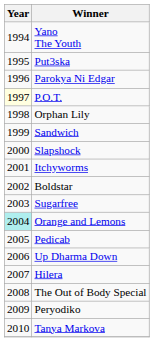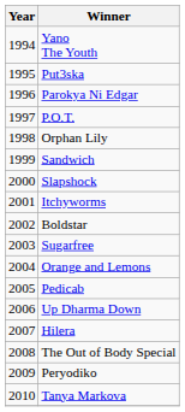 <table class="wikitable">
 <tr>
 <th>Year</th>
 <th>Winner</th>
 </tr>
 <tr>
 <td>1994</td>
 <td><a href='#'>Yano</a><br><a href='#'>The Youth</a></td>
 </tr>
 <tr>
 <td>1995</td>
 <td><a href='#'>Put3ska</a></td>
 </tr>
 <tr>
 <td>1996</td>
 <td><a href='#'>Parokya Ni Edgar</a></td>
 </tr>
 <tr>
-<td style="background: lightyellow;">1997</td>
+<td>1997</td>
 <td><a href='#'>P.O.T.</a></td>
 </tr>
 <tr>
 <td>1998</td>
 <td>Orphan Lily</td>
 </tr>
 <tr>
 <td>1999</td>
 <td><a href='#'>Sandwich</a></td>
 </tr>
 <tr>
 <td>2000</td>
 <td><a href='#'>Slapshock</a></td>
 </tr>
 <tr>
 <td>2001</td>
 <td><a href='#'>Itchyworms</a></td>
 </tr>
 <tr>
 <td>2002</td>
 <td>Boldstar</td>
 </tr>
 <tr>
 <td>2003</td>
 <td><a href='#'>Sugarfree</a></td>
 </tr>
 <tr>
-<td style="background: paleturquoise;">2004</td>
+<td>2004</td>
 <td><a href='#'>Orange and Lemons</a></td>
 </tr>
 <tr>
 <td>2005</td>
 <td><a href='#'>Pedicab</a></td>
 </tr>
 <tr>
 <td>2006</td>
 <td><a href='#'>Up Dharma Down</a></td>
 </tr>
 <tr>
 <td>2007</td>
 <td><a href='#'>Hilera</a></td>
 </tr>
 <tr>
 <td>2008</td>
 <td>The Out of Body Special</td>
 </tr>
 <tr>
 <td>2009</td>
 <td>Peryodiko</td>
 </tr>
 <tr>
 <td>2010</td>
 <td><a href='#'>Tanya Markova</a></td>
 </tr>
 <tr>
 </tr>
 </table>
